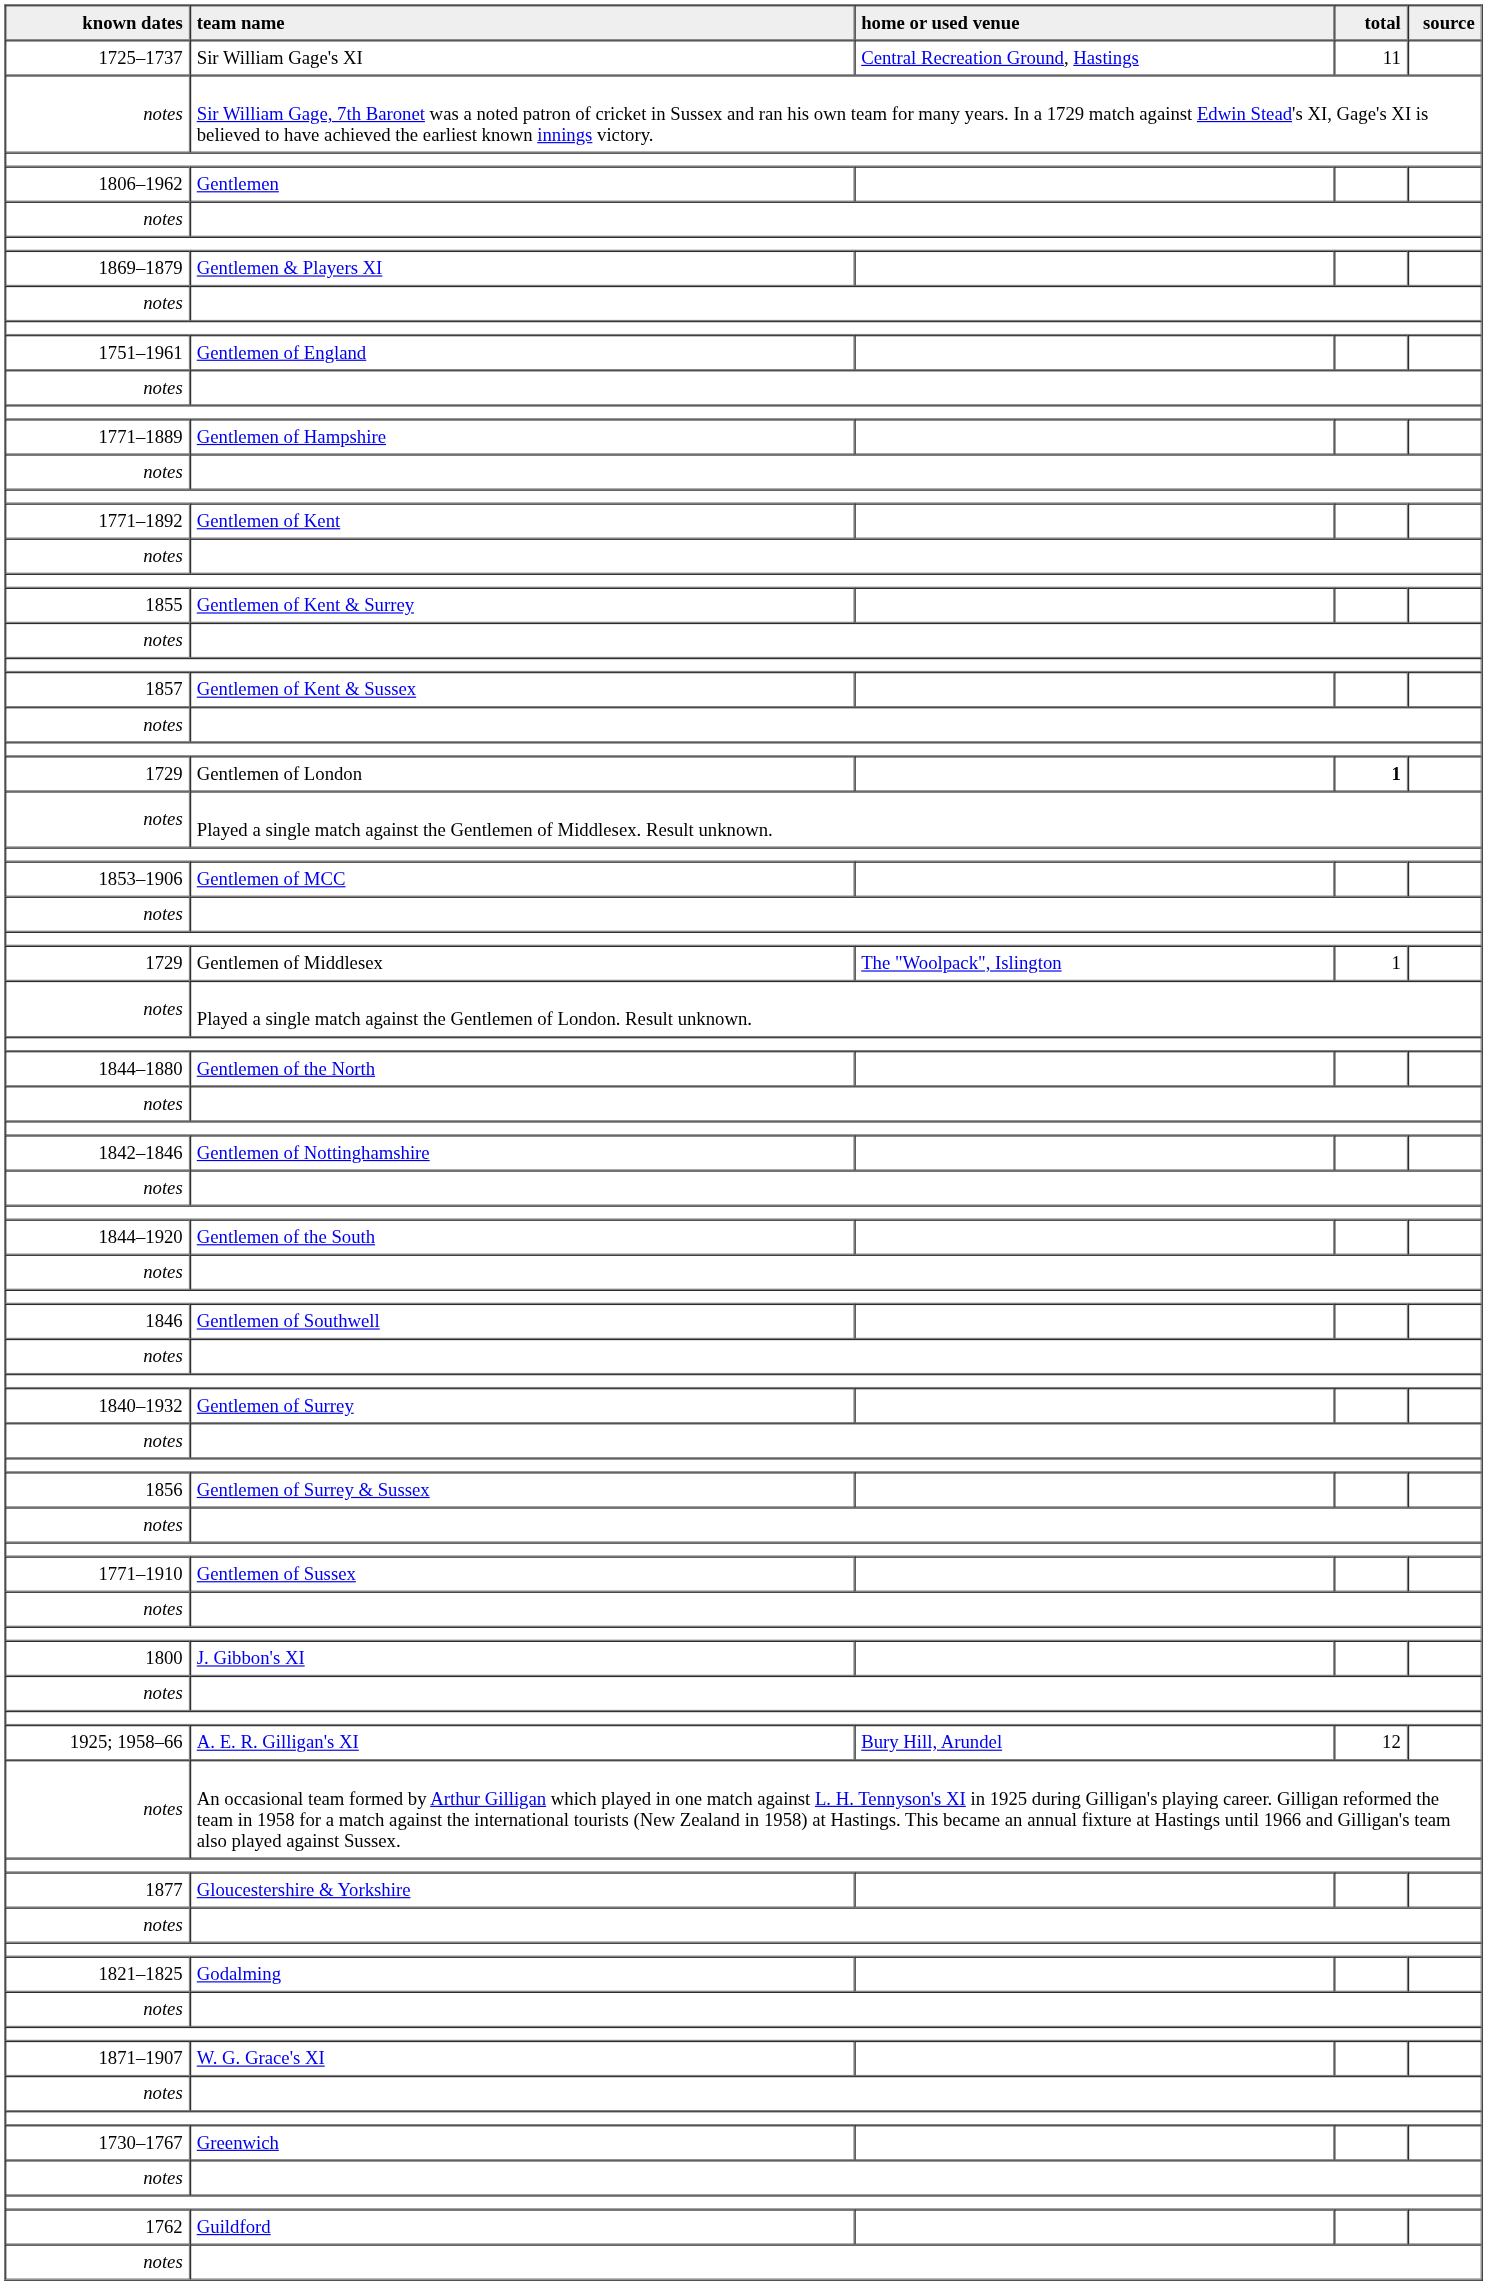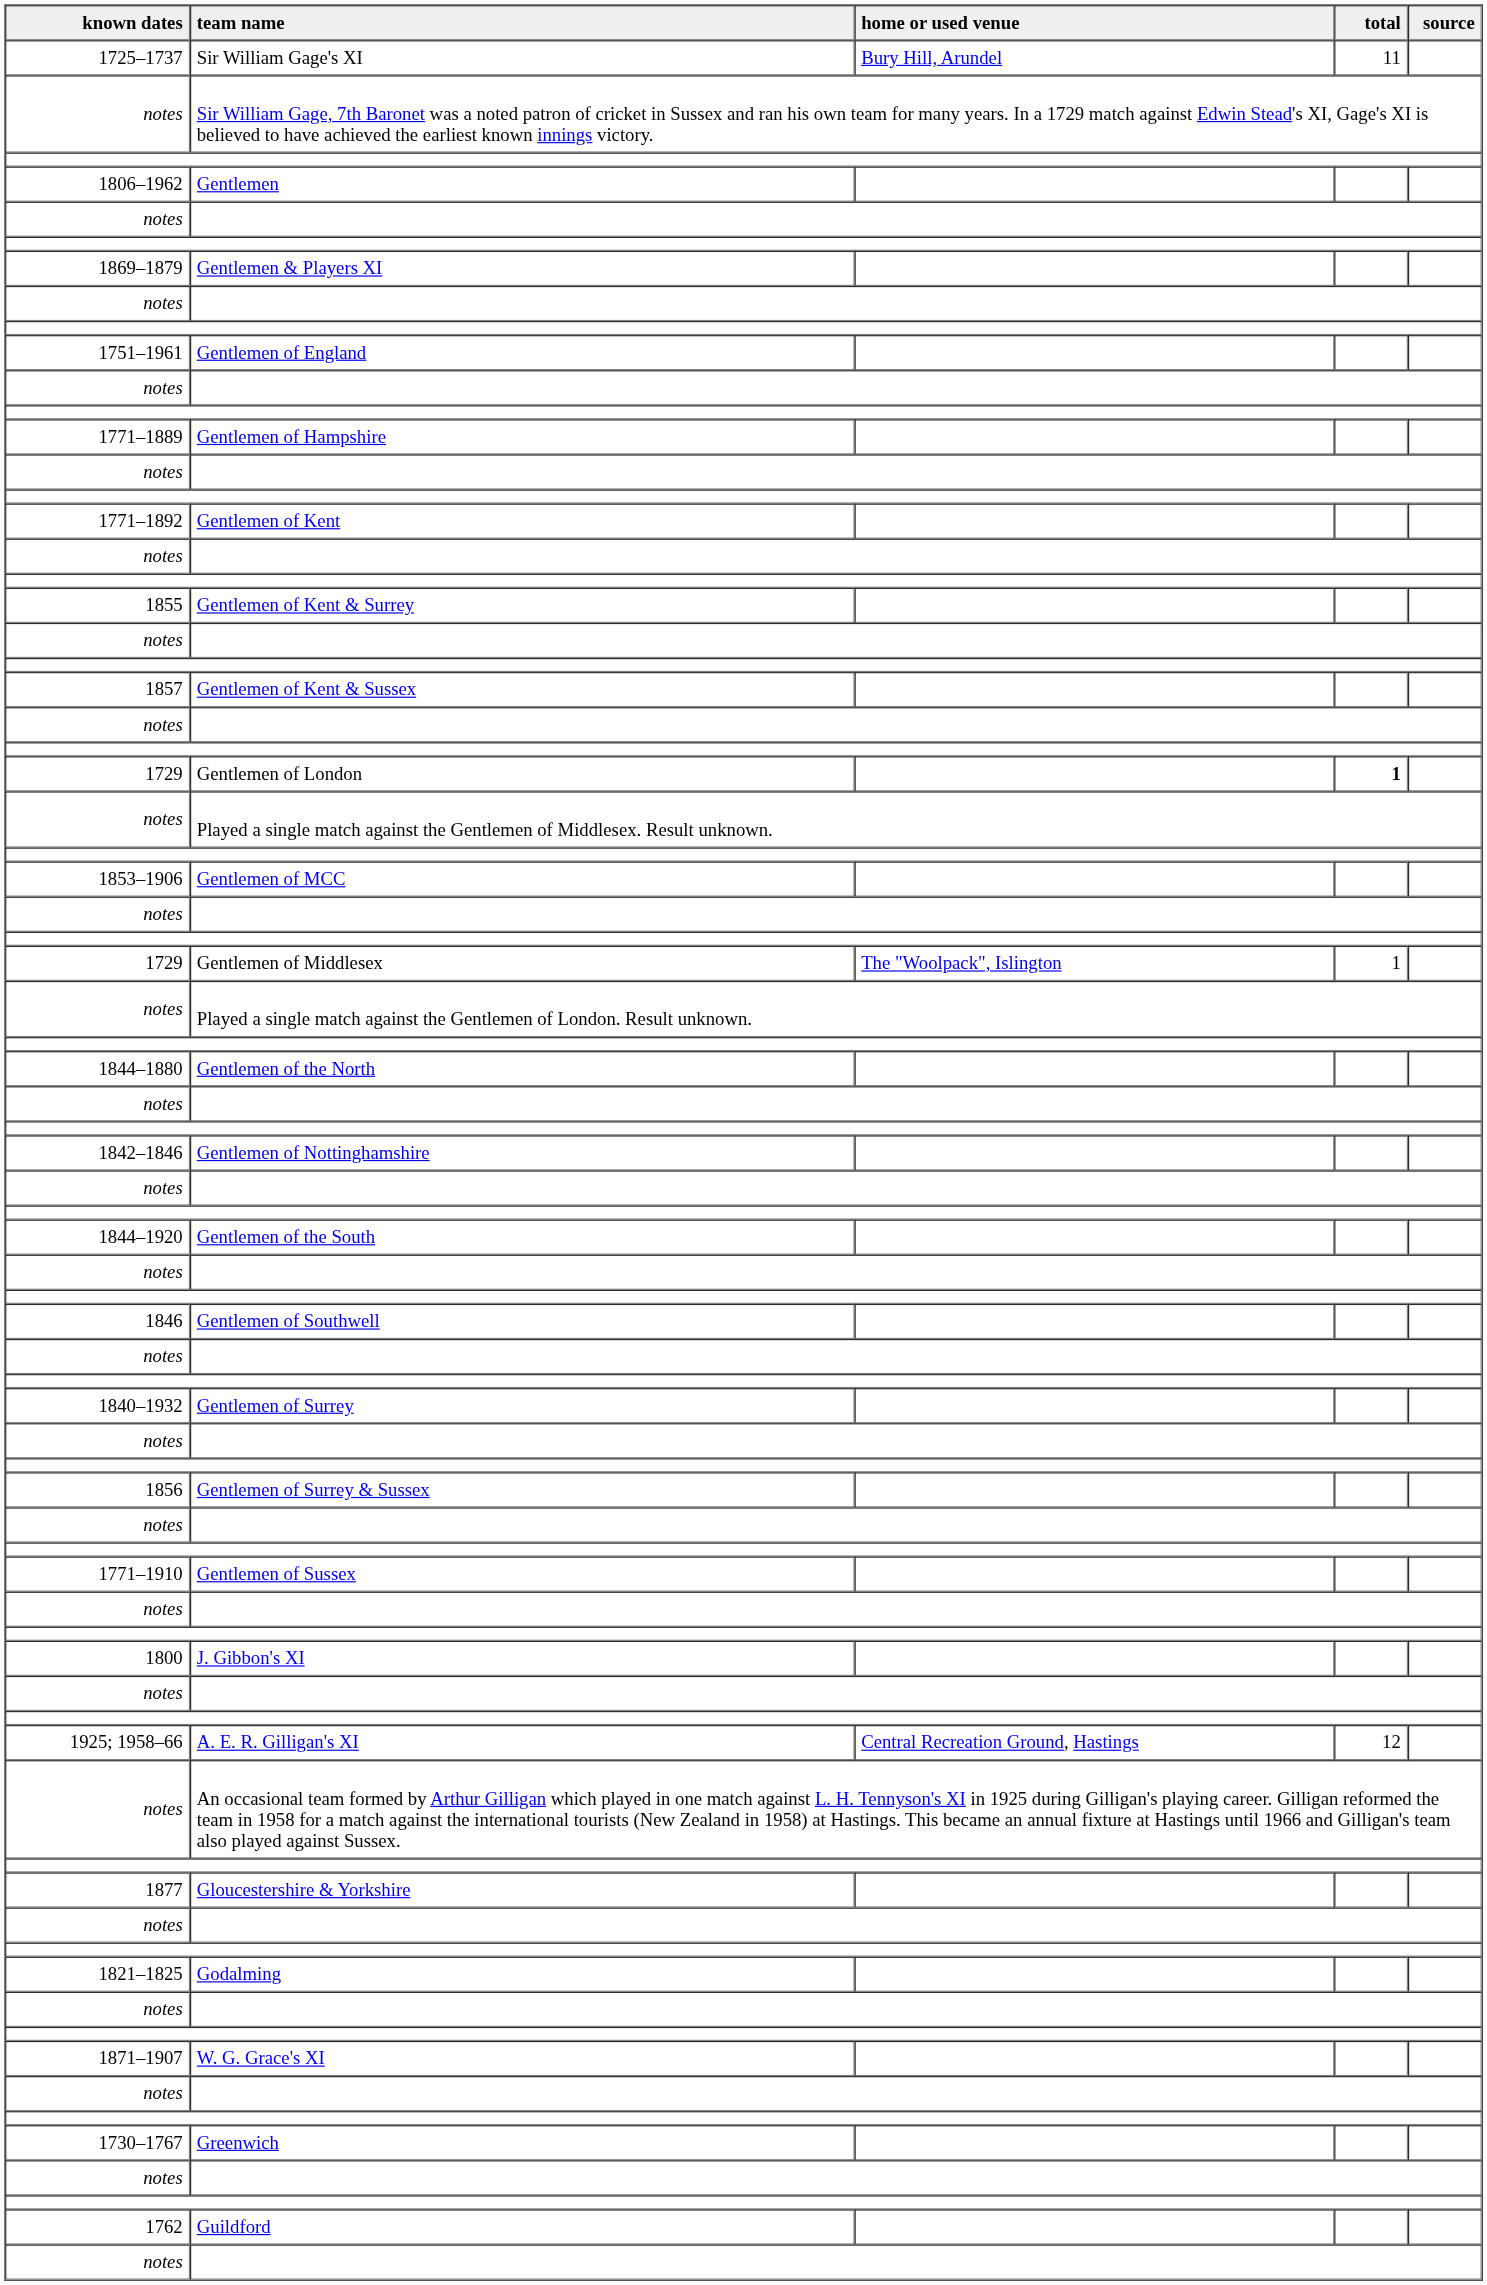 <table border="1" cellpadding="5" cellspacing="0">
 <tr style="background:#efefef;">
 <th style="width:12.5%; text-align:right;">known dates</th>
 <th style="width:45.0%; text-align:left;">team name</th>
 <th style="width:32.5%; text-align:left;">home or used venue</th>
 <th style="width:5.00%; text-align:right;">total</th>
 <th style="width:5.00%; text-align:right;">source</th>
 </tr>
 <tr>
 <td style="text-align:right;">1725–1737</td>
 <td>Sir William Gage's XI</td>
-<td><a href='#'>Central Recreation Ground</a>, <a href='#'>Hastings</a></td>
+<td><a href='#'>Bury Hill, Arundel</a></td>
 <td style="text-align:right;">11</td>
 <td style="text-align:right;"></td>
 </tr>
 <tr>
 <td style="text-align:right;"><em>notes</em></td>
 <td colspan="4"><br><a href='#'>Sir William Gage, 7th Baronet</a> was a noted patron of cricket in Sussex and ran his own team for many years. In a 1729 match against <a href='#'>Edwin Stead</a>'s XI, Gage's XI is believed to have achieved the earliest known <a href='#'>innings</a> victory.</td>
 </tr>
 <tr>
 <td colspan="5"></td>
 </tr>
 <tr>
 <td style="text-align:right;">1806–1962</td>
 <td><a href='#'>Gentlemen</a></td>
 <td></td>
 <td style="text-align:right;"></td>
 <td style="text-align:right;"></td>
 </tr>
 <tr>
 <td style="text-align:right;"><em>notes</em></td>
 <td colspan="4"></td>
 </tr>
 <tr>
 <td colspan="5"></td>
 </tr>
 <tr>
 <td style="text-align:right;">1869–1879</td>
 <td><a href='#'>Gentlemen & Players XI</a></td>
 <td></td>
 <td style="text-align:right;"></td>
 <td style="text-align:right;"></td>
 </tr>
 <tr>
 <td style="text-align:right;"><em>notes</em></td>
 <td colspan="4"></td>
 </tr>
 <tr>
 <td colspan="5"></td>
 </tr>
 <tr>
 <td style="text-align:right;">1751–1961</td>
 <td><a href='#'>Gentlemen of England</a></td>
 <td></td>
 <td style="text-align:right;"></td>
 <td style="text-align:right;"></td>
 </tr>
 <tr>
 <td style="text-align:right;"><em>notes</em></td>
 <td colspan="4"></td>
 </tr>
 <tr>
 <td colspan="5"></td>
 </tr>
 <tr>
 <td style="text-align:right;">1771–1889</td>
 <td><a href='#'>Gentlemen of Hampshire</a></td>
 <td></td>
 <td style="text-align:right;"></td>
 <td style="text-align:right;"></td>
 </tr>
 <tr>
 <td style="text-align:right;"><em>notes</em></td>
 <td colspan="4"></td>
 </tr>
 <tr>
 <td colspan="5"></td>
 </tr>
 <tr>
 <td style="text-align:right;">1771–1892</td>
 <td><a href='#'>Gentlemen of Kent</a></td>
 <td></td>
 <td style="text-align:right;"></td>
 <td style="text-align:right;"></td>
 </tr>
 <tr>
 <td style="text-align:right;"><em>notes</em></td>
 <td colspan="4"></td>
 </tr>
 <tr>
 <td colspan="5"></td>
 </tr>
 <tr>
 <td style="text-align:right;">1855</td>
 <td><a href='#'>Gentlemen of Kent & Surrey</a></td>
 <td></td>
 <td style="text-align:right;"></td>
 <td style="text-align:right;"></td>
 </tr>
 <tr>
 <td style="text-align:right;"><em>notes</em></td>
 <td colspan="4"></td>
 </tr>
 <tr>
 <td colspan="5"></td>
 </tr>
 <tr>
 <td style="text-align:right;">1857</td>
 <td><a href='#'>Gentlemen of Kent & Sussex</a></td>
 <td></td>
 <td style="text-align:right;"></td>
 <td style="text-align:right;"></td>
 </tr>
 <tr>
 <td style="text-align:right;"><em>notes</em></td>
 <td colspan="4"></td>
 </tr>
 <tr>
 <td colspan="5"></td>
 </tr>
 <tr>
 <td style="text-align:right;">1729</td>
 <td>Gentlemen of London</td>
 <td></td>
 <td style="text-align:right;"><strong>1</strong></td>
 <td style="text-align:right;"></td>
 </tr>
 <tr>
 <td style="text-align:right;"><em>notes</em></td>
 <td colspan="4"><br>Played a single match against the Gentlemen of Middlesex. Result unknown.</td>
 </tr>
 <tr>
 <td colspan="5"></td>
 </tr>
 <tr>
 <td style="text-align:right;">1853–1906</td>
 <td><a href='#'>Gentlemen of MCC</a></td>
 <td></td>
 <td style="text-align:right;"></td>
 <td style="text-align:right;"></td>
 </tr>
 <tr>
 <td style="text-align:right;"><em>notes</em></td>
 <td colspan="4"></td>
 </tr>
 <tr>
 <td colspan="5"></td>
 </tr>
 <tr>
 <td style="text-align:right;">1729</td>
 <td>Gentlemen of Middlesex</td>
 <td><a href='#'>The "Woolpack", Islington</a></td>
 <td style="text-align:right;">1</td>
 <td style="text-align:right;"></td>
 </tr>
 <tr>
 <td style="text-align:right;"><em>notes</em></td>
 <td colspan="4"><br>Played a single match against the Gentlemen of London. Result unknown.</td>
 </tr>
 <tr>
 <td colspan="5"></td>
 </tr>
 <tr>
 <td style="text-align:right;">1844–1880</td>
 <td><a href='#'>Gentlemen of the North</a></td>
 <td></td>
 <td style="text-align:right;"></td>
 <td style="text-align:right;"></td>
 </tr>
 <tr>
 <td style="text-align:right;"><em>notes</em></td>
 <td colspan="4"></td>
 </tr>
 <tr>
 <td colspan="5"></td>
 </tr>
 <tr>
 <td style="text-align:right;">1842–1846</td>
 <td><a href='#'>Gentlemen of Nottinghamshire</a></td>
 <td></td>
 <td style="text-align:right;"></td>
 <td style="text-align:right;"></td>
 </tr>
 <tr>
 <td style="text-align:right;"><em>notes</em></td>
 <td colspan="4"></td>
 </tr>
 <tr>
 <td colspan="5"></td>
 </tr>
 <tr>
 <td style="text-align:right;">1844–1920</td>
 <td><a href='#'>Gentlemen of the South</a></td>
 <td></td>
 <td style="text-align:right;"></td>
 <td style="text-align:right;"></td>
 </tr>
 <tr>
 <td style="text-align:right;"><em>notes</em></td>
 <td colspan="4"></td>
 </tr>
 <tr>
 <td colspan="5"></td>
 </tr>
 <tr>
 <td style="text-align:right;">1846</td>
 <td><a href='#'>Gentlemen of Southwell</a></td>
 <td></td>
 <td style="text-align:right;"></td>
 <td style="text-align:right;"></td>
 </tr>
 <tr>
 <td style="text-align:right;"><em>notes</em></td>
 <td colspan="4"></td>
 </tr>
 <tr>
 <td colspan="5"></td>
 </tr>
 <tr>
 <td style="text-align:right;">1840–1932</td>
 <td><a href='#'>Gentlemen of Surrey</a></td>
 <td></td>
 <td style="text-align:right;"></td>
 <td style="text-align:right;"></td>
 </tr>
 <tr>
 <td style="text-align:right;"><em>notes</em></td>
 <td colspan="4"></td>
 </tr>
 <tr>
 <td colspan="5"></td>
 </tr>
 <tr>
 <td style="text-align:right;">1856</td>
 <td><a href='#'>Gentlemen of Surrey & Sussex</a></td>
 <td></td>
 <td style="text-align:right;"></td>
 <td style="text-align:right;"></td>
 </tr>
 <tr>
 <td style="text-align:right;"><em>notes</em></td>
 <td colspan="4"></td>
 </tr>
 <tr>
 <td colspan="5"></td>
 </tr>
 <tr>
 <td style="text-align:right;">1771–1910</td>
 <td><a href='#'>Gentlemen of Sussex</a></td>
 <td></td>
 <td style="text-align:right;"></td>
 <td style="text-align:right;"></td>
 </tr>
 <tr>
 <td style="text-align:right;"><em>notes</em></td>
 <td colspan="4"></td>
 </tr>
 <tr>
 <td colspan="5"></td>
 </tr>
 <tr>
 <td style="text-align:right;">1800</td>
 <td><a href='#'>J. Gibbon's XI</a></td>
 <td></td>
 <td style="text-align:right;"></td>
 <td style="text-align:right;"></td>
 </tr>
 <tr>
 <td style="text-align:right;"><em>notes</em></td>
 <td colspan="4"></td>
 </tr>
 <tr>
 <td colspan="5"></td>
 </tr>
 <tr>
 <td style="text-align:right;">1925; 1958–66</td>
 <td><a href='#'>A. E. R. Gilligan's XI</a></td>
-<td><a href='#'>Bury Hill, Arundel</a></td>
+<td><a href='#'>Central Recreation Ground</a>, <a href='#'>Hastings</a></td>
 <td style="text-align:right;">12</td>
 <td style="text-align:right;"></td>
 </tr>
 <tr>
 <td style="text-align:right;"><em>notes</em></td>
 <td colspan="4"><br>An occasional team formed by <a href='#'>Arthur Gilligan</a> which played in one match against <a href='#'>L. H. Tennyson's XI</a> in 1925 during Gilligan's playing career. Gilligan reformed the team in 1958 for a match against the international tourists (New Zealand in 1958) at Hastings. This became an annual fixture at Hastings until 1966 and Gilligan's team also played against Sussex.</td>
 </tr>
 <tr>
 <td colspan="5"></td>
 </tr>
 <tr>
 <td style="text-align:right;">1877</td>
 <td><a href='#'>Gloucestershire & Yorkshire</a></td>
 <td></td>
 <td style="text-align:right;"></td>
 <td style="text-align:right;"></td>
 </tr>
 <tr>
 <td style="text-align:right;"><em>notes</em></td>
 <td colspan="4"></td>
 </tr>
 <tr>
 <td colspan="5"></td>
 </tr>
 <tr>
 <td style="text-align:right;">1821–1825</td>
 <td><a href='#'>Godalming</a></td>
 <td></td>
 <td style="text-align:right;"></td>
 <td style="text-align:right;"></td>
 </tr>
 <tr>
 <td style="text-align:right;"><em>notes</em></td>
 <td colspan="4"></td>
 </tr>
 <tr>
 <td colspan="5"></td>
 </tr>
 <tr>
 <td style="text-align:right;">1871–1907</td>
 <td><a href='#'>W. G. Grace's XI</a></td>
 <td></td>
 <td style="text-align:right;"></td>
 <td style="text-align:right;"></td>
 </tr>
 <tr>
 <td style="text-align:right;"><em>notes</em></td>
 <td colspan="4"></td>
 </tr>
 <tr>
 <td colspan="5"></td>
 </tr>
 <tr>
 <td style="text-align:right;">1730–1767</td>
 <td><a href='#'>Greenwich</a></td>
 <td></td>
 <td style="text-align:right;"></td>
 <td style="text-align:right;"></td>
 </tr>
 <tr>
 <td style="text-align:right;"><em>notes</em></td>
 <td colspan="4"></td>
 </tr>
 <tr>
 <td colspan="5"></td>
 </tr>
 <tr>
 <td style="text-align:right;">1762</td>
 <td><a href='#'>Guildford</a></td>
 <td></td>
 <td style="text-align:right;"></td>
 <td style="text-align:right;"></td>
 </tr>
 <tr>
 <td style="text-align:right;"><em>notes</em></td>
 <td colspan="4"></td>
 </tr>
 </table>
